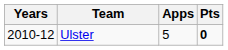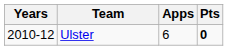 <table class="wikitable" style="text-align:left;">
 <tr>
 <th>Years</th>
 <th width=120px>Team</th>
 <th>Apps</th>
 <th>Pts</th>
 </tr>
 <tr>
 <td>2010-12</td>
 <td><a href='#'>Ulster</a></td>
-<td>5</td>
+<td>6</td>
 <td><strong>0</strong></td>
 </tr>
 </table>
